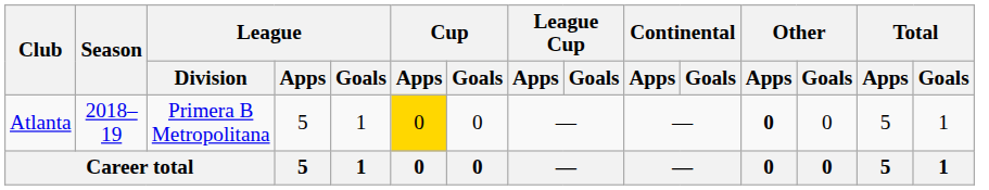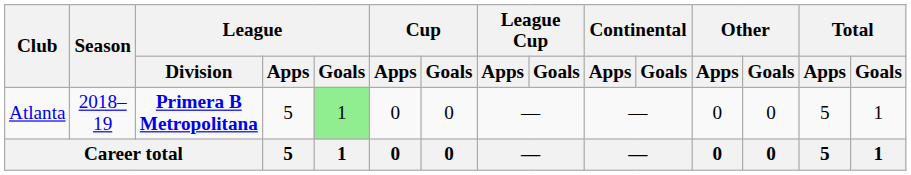 <table class="wikitable" style="text-align:center">
 <tr>
 <th rowspan="2">Club</th>
 <th rowspan="2">Season</th>
 <th colspan="3">League</th>
 <th colspan="2">Cup</th>
 <th colspan="2">League Cup</th>
 <th colspan="2">Continental</th>
 <th colspan="2">Other</th>
 <th colspan="2">Total</th>
 </tr>
 <tr>
 <th>Division</th>
 <th>Apps</th>
 <th>Goals</th>
 <th>Apps</th>
 <th>Goals</th>
 <th>Apps</th>
 <th>Goals</th>
 <th>Apps</th>
 <th>Goals</th>
 <th>Apps</th>
 <th>Goals</th>
 <th>Apps</th>
 <th>Goals</th>
 </tr>
 <tr>
 <td rowspan="1"><a href='#'>Atlanta</a></td>
 <td><a href='#'>2018–19</a></td>
-<td rowspan="1"><a href='#'>Primera B Metropolitana</a></td>
+<td rowspan="1"><strong><a href='#'>Primera B Metropolitana</a></strong></td>
 <td>5</td>
-<td>1</td>
-<td style="background: gold;">0</td>
+<td style="background: lightgreen;">1</td>
+<td>0</td>
 <td>0</td>
 <td colspan="2">—</td>
 <td colspan="2">—</td>
-<td><strong>0</strong></td>
+<td>0</td>
 <td>0</td>
 <td>5</td>
 <td>1</td>
 </tr>
 <tr>
 <th colspan="3">Career total</th>
 <th>5</th>
 <th>1</th>
 <th>0</th>
 <th>0</th>
 <th colspan="2">—</th>
 <th colspan="2">—</th>
 <th>0</th>
 <th>0</th>
 <th>5</th>
 <th>1</th>
 </tr>
 </table>
